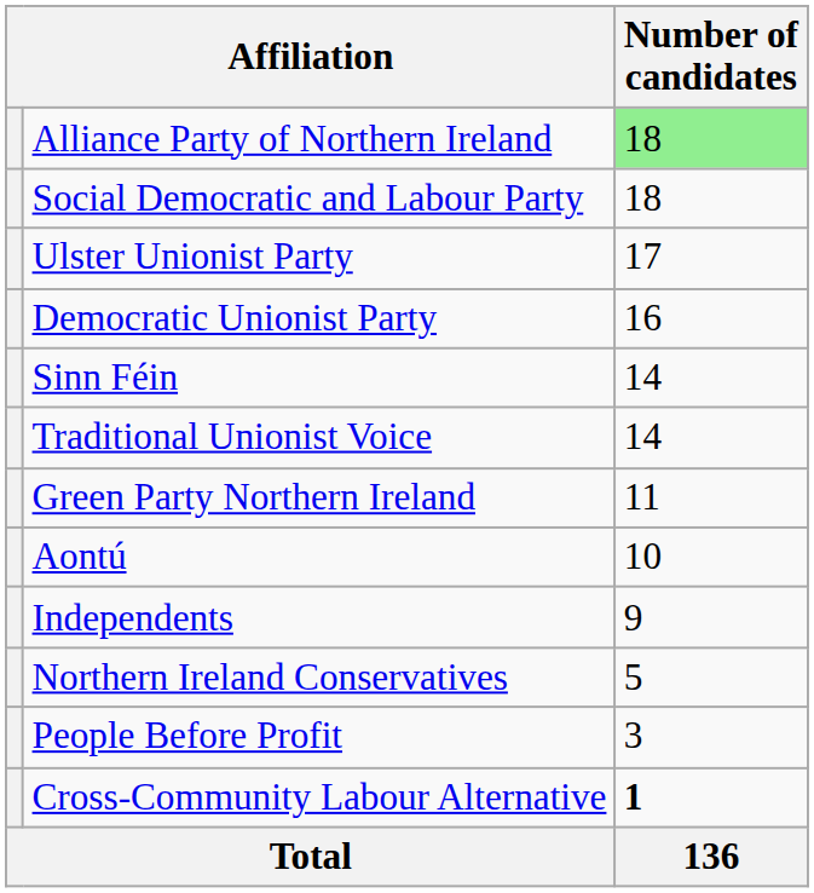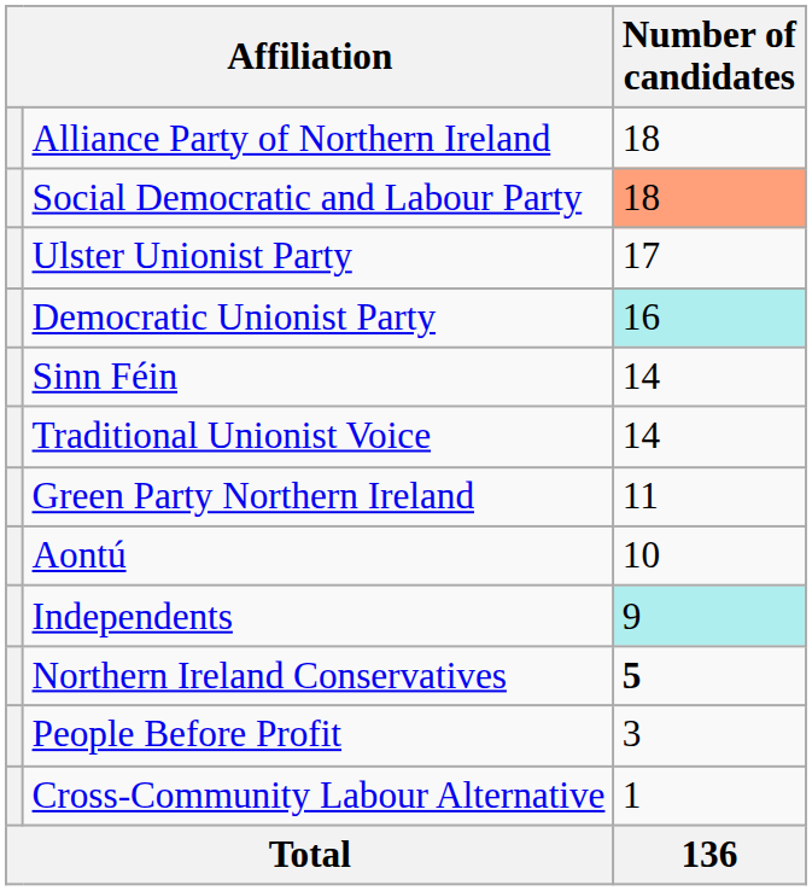 <table class="wikitable sortable">
 <tr>
 <th colspan="2" class="unsortable">Affiliation</th>
 <th colspan="1">Number of <br>candidates</th>
 </tr>
 <tr>
 <th class="unsortable" style="background-color: "></th>
 <td><a href='#'>Alliance Party of Northern Ireland</a></td>
-<td style="background: lightgreen;">18</td>
+<td>18</td>
 </tr>
 <tr>
 <th class="unsortable" style="background-color: "></th>
 <td><a href='#'>Social Democratic and Labour Party</a></td>
-<td>18</td>
+<td style="background: lightsalmon;">18</td>
 </tr>
 <tr>
 <th class="unsortable" style="background-color: "></th>
 <td><a href='#'>Ulster Unionist Party</a></td>
 <td>17</td>
 </tr>
 <tr>
 <th class="unsortable" style="background-color: "></th>
 <td><a href='#'>Democratic Unionist Party</a></td>
-<td>16</td>
+<td style="background: paleturquoise;">16</td>
 </tr>
 <tr>
 <th class="unsortable" style="background-color: "></th>
 <td><a href='#'>Sinn Féin</a></td>
 <td>14</td>
 </tr>
 <tr>
 <th class="unsortable" style="background-color: "></th>
 <td><a href='#'>Traditional Unionist Voice</a></td>
 <td>14</td>
 </tr>
 <tr>
 <th class="unsortable" style="background-color: "></th>
 <td><a href='#'>Green Party Northern Ireland</a></td>
 <td>11</td>
 </tr>
 <tr>
 <th class="unsortable" style="background-color: "></th>
 <td><a href='#'>Aontú</a></td>
 <td>10</td>
 </tr>
 <tr>
 <th class="unsortable" style="background-color: "></th>
 <td><a href='#'>Independents</a></td>
-<td>9 </td>
+<td style="background: paleturquoise;">9 </td>
 </tr>
 <tr>
 <th class="unsortable" style="background-color: "></th>
 <td><a href='#'>Northern Ireland Conservatives</a></td>
-<td>5</td>
+<td><strong>5</strong></td>
 </tr>
 <tr>
 <th class="unsortable" style="background-color: "></th>
 <td><a href='#'>People Before Profit</a></td>
 <td>3</td>
 </tr>
 <tr>
 <th class="unsortable" style="background-color: "></th>
 <td><a href='#'>Cross-Community Labour Alternative</a></td>
-<td><strong>1</strong></td>
+<td>1</td>
 </tr>
 <tr>
 <th class="unsortable" colspan="2" scope="row">Total</th>
 <th>136</th>
 </tr>
 </table>
